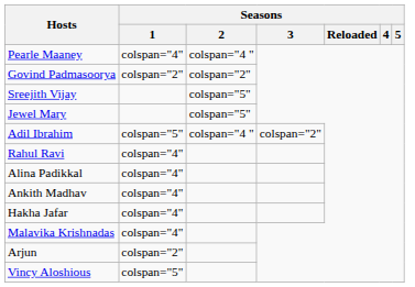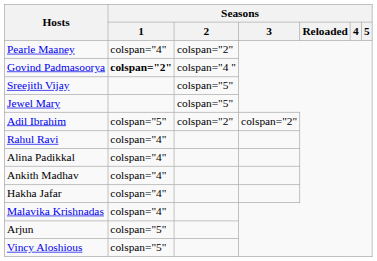 <table class="wikitable plainrowheaders">
 <tr>
 <th scope="col" rowspan="2">Hosts</th>
 <th scope="col" colspan="6">Seasons</th>
 </tr>
 <tr>
 <th scope="col">1</th>
 <th scope="col">2</th>
 <th scope="col">3</th>
 <th scope="col">Reloaded</th>
 <th scope="col">4</th>
 <th scope="col">5</th>
 </tr>
 <tr>
 <td><a href='#'>Pearle Maaney</a></td>
 <td>colspan="4" </td>
-<td>colspan="4 "</td>
+<td>colspan="2" </td>
 </tr>
 <tr>
 <td><a href='#'>Govind Padmasoorya</a></td>
-<td>colspan="2" </td>
-<td>colspan="2" </td>
+<td><strong>colspan="2" </strong></td>
+<td>colspan="4 "</td>
 </tr>
 <tr>
 <td><a href='#'>Sreejith Vijay</a></td>
 <td></td>
 <td>colspan="5" </td>
 </tr>
 <tr>
 <td><a href='#'>Jewel Mary</a></td>
 <td></td>
 <td>colspan="5" </td>
 </tr>
 <tr>
 <td><a href='#'>Adil Ibrahim</a></td>
 <td>colspan="5" </td>
-<td>colspan="4 "</td>
+<td>colspan="2" </td>
 <td>colspan="2" </td>
 </tr>
 <tr>
 <td><a href='#'>Rahul Ravi</a></td>
 <td>colspan="4" </td>
 <td></td>
 <td></td>
 </tr>
 <tr>
 <td>Alina Padikkal</td>
 <td>colspan="4" </td>
 <td></td>
 <td></td>
 </tr>
 <tr>
 <td>Ankith Madhav</td>
 <td>colspan="4" </td>
 <td></td>
 <td></td>
 </tr>
 <tr>
 <td>Hakha Jafar</td>
 <td>colspan="4" </td>
 <td></td>
 <td></td>
 </tr>
 <tr>
 <td><a href='#'>Malavika Krishnadas</a></td>
 <td>colspan="4" </td>
 <td></td>
 </tr>
 <tr>
 <td>Arjun</td>
-<td>colspan="2" </td>
+<td>colspan="5" </td>
 <td></td>
 </tr>
 <tr>
 <td><a href='#'>Vincy Aloshious</a></td>
 <td>colspan="5" </td>
 <td></td>
 </tr>
 </table>
